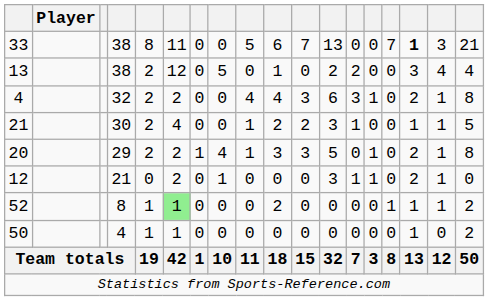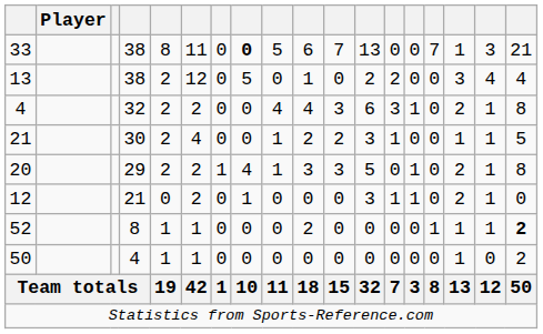 <table class="wikitable sortable" style="text-align:center; font-size:100%">
 <tr>
 <th></th>
 <th>Player</th>
 <th></th>
 <th></th>
 <th></th>
 <th></th>
 <th></th>
 <th></th>
 <th></th>
 <th></th>
 <th></th>
 <th></th>
 <th></th>
 <th></th>
 <th></th>
 <th></th>
 <th></th>
 <th></th>
 </tr>
 <tr>
 <td>33</td>
 <td></td>
 <td></td>
 <td>38</td>
 <td>8</td>
 <td>11</td>
 <td>0</td>
-<td>0</td>
+<td><strong>0</strong></td>
 <td>5</td>
 <td>6</td>
 <td>7</td>
 <td>13</td>
 <td>0</td>
 <td>0</td>
 <td>7</td>
-<td><strong>1</strong></td>
+<td>1</td>
 <td>3</td>
 <td>21</td>
 </tr>
 <tr>
 <td>13</td>
 <td></td>
 <td></td>
 <td>38</td>
 <td>2</td>
 <td>12</td>
 <td>0</td>
 <td>5</td>
 <td>0</td>
 <td>1</td>
 <td>0</td>
 <td>2</td>
 <td>2</td>
 <td>0</td>
 <td>0</td>
 <td>3</td>
 <td>4</td>
 <td>4</td>
 </tr>
 <tr>
 <td>4</td>
 <td></td>
 <td></td>
 <td>32</td>
 <td>2</td>
 <td>2</td>
 <td>0</td>
 <td>0</td>
 <td>4</td>
 <td>4</td>
 <td>3</td>
 <td>6</td>
 <td>3</td>
 <td>1</td>
 <td>0</td>
 <td>2</td>
 <td>1</td>
 <td>8</td>
 </tr>
 <tr>
 <td>21</td>
 <td></td>
 <td></td>
 <td>30</td>
 <td>2</td>
 <td>4</td>
 <td>0</td>
 <td>0</td>
 <td>1</td>
 <td>2</td>
 <td>2</td>
 <td>3</td>
 <td>1</td>
 <td>0</td>
 <td>0</td>
 <td>1</td>
 <td>1</td>
 <td>5</td>
 </tr>
 <tr>
 <td>20</td>
 <td></td>
 <td></td>
 <td>29</td>
 <td>2</td>
 <td>2</td>
 <td>1</td>
 <td>4</td>
 <td>1</td>
 <td>3</td>
 <td>3</td>
 <td>5</td>
 <td>0</td>
 <td>1</td>
 <td>0</td>
 <td>2</td>
 <td>1</td>
 <td>8</td>
 </tr>
 <tr>
 <td>12</td>
 <td></td>
 <td></td>
 <td>21</td>
 <td>0</td>
 <td>2</td>
 <td>0</td>
 <td>1</td>
 <td>0</td>
 <td>0</td>
 <td>0</td>
 <td>3</td>
 <td>1</td>
 <td>1</td>
 <td>0</td>
 <td>2</td>
 <td>1</td>
 <td>0</td>
 </tr>
 <tr>
 <td>52</td>
 <td></td>
 <td></td>
 <td>8</td>
 <td>1</td>
-<td style="background: lightgreen;">1</td>
+<td>1</td>
 <td>0</td>
 <td>0</td>
 <td>0</td>
 <td>2</td>
 <td>0</td>
 <td>0</td>
 <td>0</td>
 <td>0</td>
 <td>1</td>
 <td>1</td>
 <td>1</td>
-<td>2</td>
+<td><strong>2</strong></td>
 </tr>
 <tr>
 <td>50</td>
 <td></td>
 <td></td>
 <td>4</td>
 <td>1</td>
 <td>1</td>
 <td>0</td>
 <td>0</td>
 <td>0</td>
 <td>0</td>
 <td>0</td>
 <td>0</td>
 <td>0</td>
 <td>0</td>
 <td>0</td>
 <td>1</td>
 <td>0</td>
 <td>2</td>
 </tr>
 <tr class="sortbottom">
 <th style="text-align:center;" colspan="4">Team totals</th>
 <th>19</th>
 <th>42</th>
 <th>1</th>
 <th>10</th>
 <th>11</th>
 <th>18</th>
 <th>15</th>
 <th>32</th>
 <th>7</th>
 <th>3</th>
 <th>8</th>
 <th>13</th>
 <th>12</th>
 <th>50</th>
 </tr>
 <tr class="sortbottom">
 <td colspan="18" style="font-size: 8pt" align="center"><em>Statistics from Sports-Reference.com</em></td>
 </tr>
 </table>
